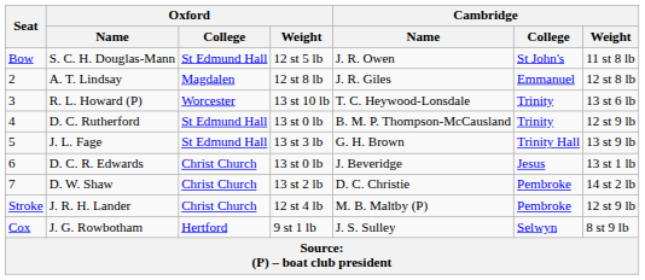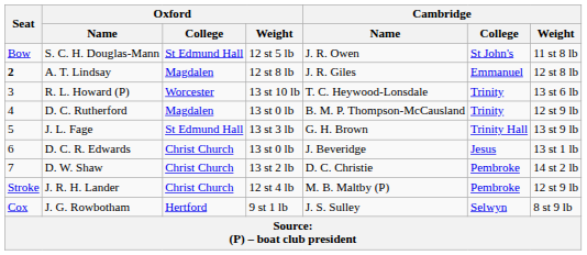 <table class="wikitable">
 <tr>
 <th rowspan="2" scope="col">Seat</th>
 <th colspan="3" scope="col">Oxford <br> </th>
 <th colspan="3" scope="col">Cambridge <br> </th>
 </tr>
 <tr>
 <th>Name</th>
 <th>College</th>
 <th>Weight</th>
 <th>Name</th>
 <th>College</th>
 <th>Weight</th>
 </tr>
 <tr>
 <td><a href='#'>Bow</a></td>
 <td>S. C. H. Douglas-Mann</td>
 <td><a href='#'>St Edmund Hall</a></td>
 <td>12 st 5 lb</td>
 <td>J. R. Owen</td>
 <td><a href='#'>St John's</a></td>
 <td>11 st 8 lb</td>
 </tr>
 <tr>
-<td>2</td>
+<td><strong>2</strong></td>
 <td>A. T. Lindsay</td>
 <td><a href='#'>Magdalen</a></td>
 <td>12 st 8 lb</td>
 <td>J. R. Giles</td>
 <td><a href='#'>Emmanuel</a></td>
 <td>12 st 8 lb</td>
 </tr>
 <tr>
 <td>3</td>
 <td>R. L. Howard (P)</td>
 <td><a href='#'>Worcester</a></td>
 <td>13 st 10 lb</td>
 <td>T. C. Heywood-Lonsdale</td>
 <td><a href='#'>Trinity</a></td>
 <td>13 st 6 lb</td>
 </tr>
 <tr>
 <td>4</td>
 <td>D. C. Rutherford</td>
-<td><a href='#'>St Edmund Hall</a></td>
+<td><a href='#'>Magdalen</a></td>
 <td>13 st 0 lb</td>
 <td>B. M. P. Thompson-McCausland</td>
 <td><a href='#'>Trinity</a></td>
 <td>12 st 9 lb</td>
 </tr>
 <tr>
 <td>5</td>
 <td>J. L. Fage</td>
 <td><a href='#'>St Edmund Hall</a></td>
 <td>13 st 3 lb</td>
 <td>G. H. Brown</td>
 <td><a href='#'>Trinity Hall</a></td>
 <td>13 st 9 lb</td>
 </tr>
 <tr>
 <td>6</td>
 <td>D. C. R. Edwards</td>
 <td><a href='#'>Christ Church</a></td>
 <td>13 st 0 lb</td>
 <td>J. Beveridge</td>
 <td><a href='#'>Jesus</a></td>
 <td>13 st 1 lb</td>
 </tr>
 <tr>
 <td>7</td>
 <td>D. W. Shaw</td>
 <td><a href='#'>Christ Church</a></td>
 <td>13 st 2 lb</td>
 <td>D. C. Christie</td>
 <td><a href='#'>Pembroke</a></td>
 <td>14 st 2 lb</td>
 </tr>
 <tr>
 <td><a href='#'>Stroke</a></td>
 <td>J. R. H. Lander</td>
 <td><a href='#'>Christ Church</a></td>
 <td>12 st 4 lb</td>
 <td>M. B. Maltby (P)</td>
 <td><a href='#'>Pembroke</a></td>
 <td>12 st 9 lb</td>
 </tr>
 <tr>
 <td><a href='#'>Cox</a></td>
 <td>J. G. Rowbotham</td>
 <td><a href='#'>Hertford</a></td>
 <td>9 st 1 lb</td>
 <td>J. S. Sulley</td>
 <td><a href='#'>Selwyn</a></td>
 <td>8 st 9 lb</td>
 </tr>
 <tr>
 <th colspan="7">Source:<br>(P) – boat club president</th>
 </tr>
 </table>
